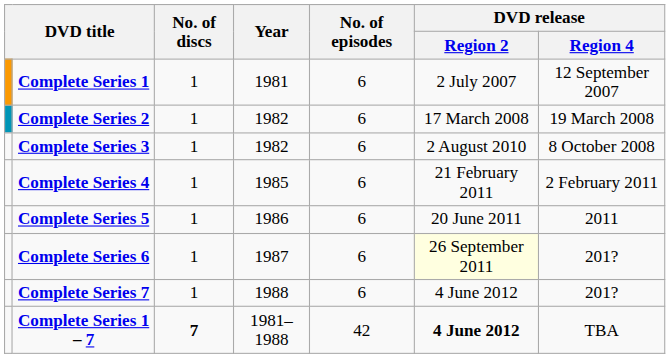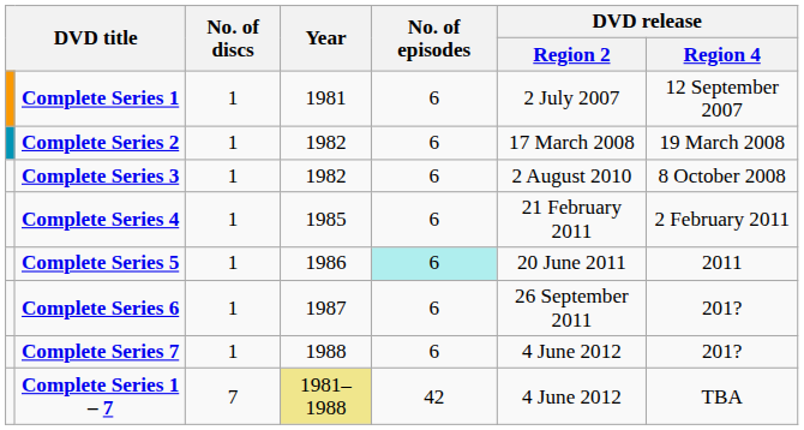 <table class="wikitable" width="99%" style="left: 0 auto; text-align: center;">
 <tr>
 <th colspan="2" rowspan="2">DVD title</th>
 <th rowspan="2">No. of discs</th>
 <th rowspan="2">Year</th>
 <th rowspan="2">No. of episodes</th>
 <th colspan="2">DVD release</th>
 </tr>
 <tr>
 <th><a href='#'>Region 2</a></th>
 <th><a href='#'>Region 4</a></th>
 </tr>
 <tr>
 <td bgcolor="#fb9902"></td>
 <td><strong><a href='#'>Complete Series 1</a></strong></td>
 <td>1</td>
 <td>1981</td>
 <td>6</td>
 <td>2 July 2007</td>
 <td>12 September 2007</td>
 </tr>
 <tr>
 <td bgcolor="#0095b6"></td>
 <td><strong><a href='#'>Complete Series 2</a></strong></td>
 <td>1</td>
 <td>1982</td>
 <td>6</td>
 <td>17 March 2008</td>
 <td>19 March 2008</td>
 </tr>
 <tr>
 <td bgcolor=""></td>
 <td><strong><a href='#'>Complete Series 3</a></strong></td>
 <td>1</td>
 <td>1982</td>
 <td>6</td>
 <td>2 August 2010</td>
 <td>8 October 2008</td>
 </tr>
 <tr>
 <td bgcolor=""></td>
 <td><strong><a href='#'>Complete Series 4</a></strong></td>
 <td>1</td>
 <td>1985</td>
 <td>6</td>
 <td>21 February 2011</td>
 <td>2 February 2011</td>
 </tr>
 <tr>
 <td bgcolor=""></td>
 <td><strong><a href='#'>Complete Series 5</a></strong></td>
 <td>1</td>
 <td>1986</td>
-<td>6</td>
+<td style="background: paleturquoise;">6</td>
 <td>20 June 2011</td>
 <td>2011</td>
 </tr>
 <tr>
 <td bgcolor=""></td>
 <td><strong><a href='#'>Complete Series 6</a></strong></td>
 <td>1</td>
 <td>1987</td>
 <td>6</td>
-<td style="background: lightyellow;">26 September 2011</td>
+<td>26 September 2011</td>
 <td>201?</td>
 </tr>
 <tr>
 <td bgcolor=""></td>
 <td><strong><a href='#'>Complete Series 7</a></strong></td>
 <td>1</td>
 <td>1988</td>
 <td>6</td>
 <td>4 June 2012</td>
 <td>201?</td>
 </tr>
 <tr>
 <td bgcolor=""></td>
 <td><strong><a href='#'>Complete Series 1</a> – <a href='#'>7</a></strong></td>
-<td><strong>7</strong></td>
-<td>1981–1988</td>
+<td>7</td>
+<td style="background: khaki;">1981–1988</td>
 <td>42</td>
-<td><strong>4 June 2012</strong></td>
+<td>4 June 2012</td>
 <td>TBA</td>
 </tr>
 </table>
